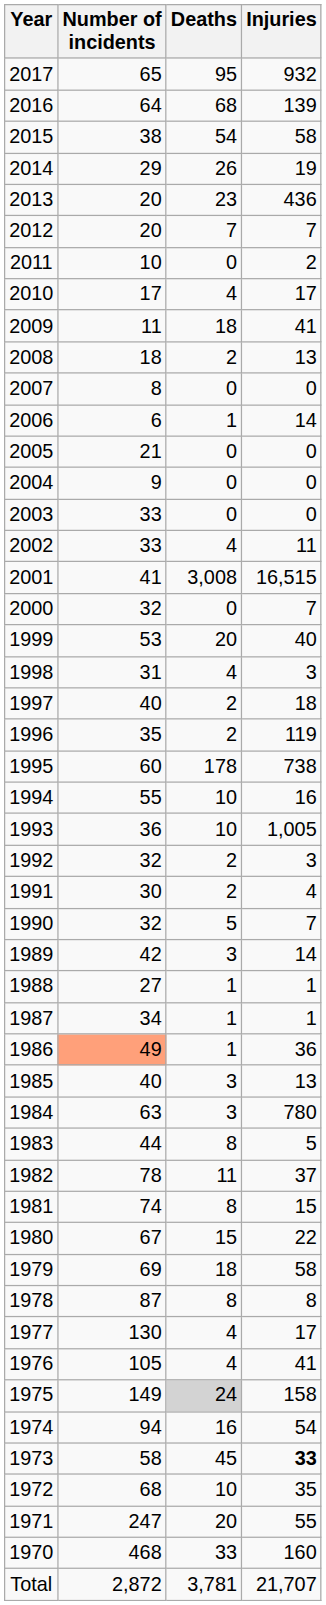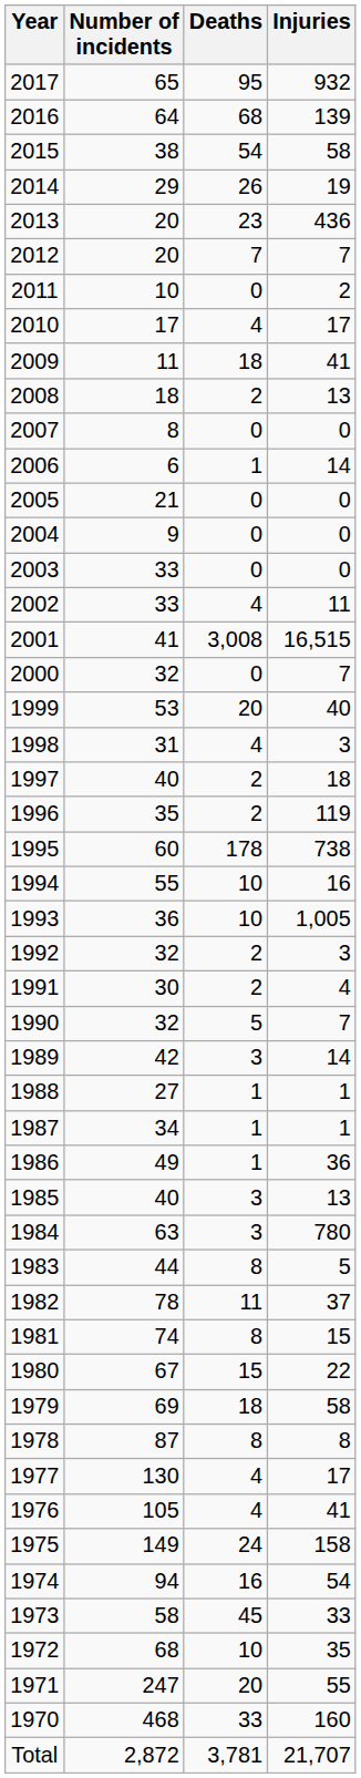 <table class="wikitable sortable floatright" style="text-align:right">
 <tr style="background:#ececec; vertical-align:top;">
 <th>Year</th>
 <th>Number of<br>incidents</th>
 <th>Deaths</th>
 <th>Injuries</th>
 </tr>
 <tr>
 <td align=center>2017</td>
 <td>65</td>
 <td>95</td>
 <td>932</td>
 </tr>
 <tr>
 <td align=center>2016</td>
 <td>64</td>
 <td>68</td>
 <td>139</td>
 </tr>
 <tr>
 <td align=center>2015</td>
 <td>38</td>
 <td>54</td>
 <td>58</td>
 </tr>
 <tr>
 <td align=center>2014</td>
 <td>29</td>
 <td>26</td>
 <td>19</td>
 </tr>
 <tr>
 <td align=center>2013</td>
 <td>20</td>
 <td>23</td>
 <td>436</td>
 </tr>
 <tr>
 <td align=center>2012</td>
 <td>20</td>
 <td>7</td>
 <td>7</td>
 </tr>
 <tr>
 <td align=center>2011</td>
 <td>10</td>
 <td>0</td>
 <td>2</td>
 </tr>
 <tr>
 <td align=center>2010</td>
 <td>17</td>
 <td>4</td>
 <td>17</td>
 </tr>
 <tr>
 <td align=center>2009</td>
 <td>11</td>
 <td>18</td>
 <td>41</td>
 </tr>
 <tr>
 <td align=center>2008</td>
 <td>18</td>
 <td>2</td>
 <td>13</td>
 </tr>
 <tr>
 <td align=center>2007</td>
 <td>8</td>
 <td>0</td>
 <td>0</td>
 </tr>
 <tr>
 <td align=center>2006</td>
 <td>6</td>
 <td>1</td>
 <td>14</td>
 </tr>
 <tr>
 <td align=center>2005</td>
 <td>21</td>
 <td>0</td>
 <td>0</td>
 </tr>
 <tr>
 <td align=center>2004</td>
 <td>9</td>
 <td>0</td>
 <td>0</td>
 </tr>
 <tr>
 <td align=center>2003</td>
 <td>33</td>
 <td>0</td>
 <td>0</td>
 </tr>
 <tr>
 <td align=center>2002</td>
 <td>33</td>
 <td>4</td>
 <td>11</td>
 </tr>
 <tr>
 <td align=center>2001</td>
 <td>41</td>
 <td>3,008</td>
 <td>16,515</td>
 </tr>
 <tr>
 <td align=center>2000</td>
 <td>32</td>
 <td>0</td>
 <td>7</td>
 </tr>
 <tr>
 <td align=center>1999</td>
 <td>53</td>
 <td>20</td>
 <td>40</td>
 </tr>
 <tr>
 <td align=center>1998</td>
 <td>31</td>
 <td>4</td>
 <td>3</td>
 </tr>
 <tr>
 <td align=center>1997</td>
 <td>40</td>
 <td>2</td>
 <td>18</td>
 </tr>
 <tr>
 <td align=center>1996</td>
 <td>35</td>
 <td>2</td>
 <td>119</td>
 </tr>
 <tr>
 <td align=center>1995</td>
 <td>60</td>
 <td>178</td>
 <td>738</td>
 </tr>
 <tr>
 <td align=center>1994</td>
 <td>55</td>
 <td>10</td>
 <td>16</td>
 </tr>
 <tr>
 <td align=center>1993</td>
 <td>36</td>
 <td>10</td>
 <td>1,005</td>
 </tr>
 <tr>
 <td align=center>1992</td>
 <td>32</td>
 <td>2</td>
 <td>3</td>
 </tr>
 <tr>
 <td align=center>1991</td>
 <td>30</td>
 <td>2</td>
 <td>4</td>
 </tr>
 <tr>
 <td align=center>1990</td>
 <td>32</td>
 <td>5</td>
 <td>7</td>
 </tr>
 <tr>
 <td align=center>1989</td>
 <td>42</td>
 <td>3</td>
 <td>14</td>
 </tr>
 <tr>
 <td align=center>1988</td>
 <td>27</td>
 <td>1</td>
 <td>1</td>
 </tr>
 <tr>
 <td align=center>1987</td>
 <td>34</td>
 <td>1</td>
 <td>1</td>
 </tr>
 <tr>
 <td align=center>1986</td>
-<td style="background: lightsalmon;">49</td>
+<td>49</td>
 <td>1</td>
 <td>36</td>
 </tr>
 <tr>
 <td align=center>1985</td>
 <td>40</td>
 <td>3</td>
 <td>13</td>
 </tr>
 <tr>
 <td align=center>1984</td>
 <td>63</td>
 <td>3</td>
 <td>780</td>
 </tr>
 <tr>
 <td align=center>1983</td>
 <td>44</td>
 <td>8</td>
 <td>5</td>
 </tr>
 <tr>
 <td align=center>1982</td>
 <td>78</td>
 <td>11</td>
 <td>37</td>
 </tr>
 <tr>
 <td align=center>1981</td>
 <td>74</td>
 <td>8</td>
 <td>15</td>
 </tr>
 <tr>
 <td align=center>1980</td>
 <td>67</td>
 <td>15</td>
 <td>22</td>
 </tr>
 <tr>
 <td align=center>1979</td>
 <td>69</td>
 <td>18</td>
 <td>58</td>
 </tr>
 <tr>
 <td align=center>1978</td>
 <td>87</td>
 <td>8</td>
 <td>8</td>
 </tr>
 <tr>
 <td align=center>1977</td>
 <td>130</td>
 <td>4</td>
 <td>17</td>
 </tr>
 <tr>
 <td align=center>1976</td>
 <td>105</td>
 <td>4</td>
 <td>41</td>
 </tr>
 <tr>
 <td align=center>1975</td>
 <td>149</td>
-<td style="background: lightgrey;">24</td>
+<td>24</td>
 <td>158</td>
 </tr>
 <tr>
 <td align=center>1974</td>
 <td>94</td>
 <td>16</td>
 <td>54</td>
 </tr>
 <tr>
 <td align=center>1973</td>
 <td>58</td>
 <td>45</td>
-<td><strong>33</strong></td>
+<td>33</td>
 </tr>
 <tr>
 <td align=center>1972</td>
 <td>68</td>
 <td>10</td>
 <td>35</td>
 </tr>
 <tr>
 <td align=center>1971</td>
 <td>247</td>
 <td>20</td>
 <td>55</td>
 </tr>
 <tr>
 <td align=center>1970</td>
 <td>468</td>
 <td>33</td>
 <td>160</td>
 </tr>
 <tr>
 <td align=center>Total</td>
 <td>2,872</td>
 <td>3,781</td>
 <td>21,707</td>
 </tr>
 </table>
